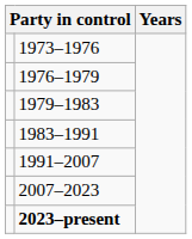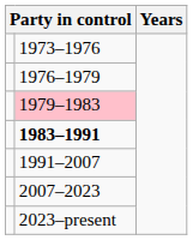 <table class="wikitable">
 <tr>
 <th colspan=2>Party in control</th>
 <th>Years</th>
 </tr>
 <tr>
 <td></td>
 <td>1973–1976</td>
 </tr>
 <tr>
 <td></td>
 <td>1976–1979</td>
 </tr>
 <tr>
 <td></td>
-<td>1979–1983</td>
+<td style="background: pink;">1979–1983</td>
 </tr>
 <tr>
 <td></td>
-<td>1983–1991</td>
+<td><strong>1983–1991</strong></td>
 </tr>
 <tr>
 <td></td>
 <td>1991–2007</td>
 </tr>
 <tr>
 <td></td>
 <td>2007–2023</td>
 </tr>
 <tr>
 <td></td>
-<td><strong>2023–present</strong></td>
+<td>2023–present</td>
 </tr>
 </table>
